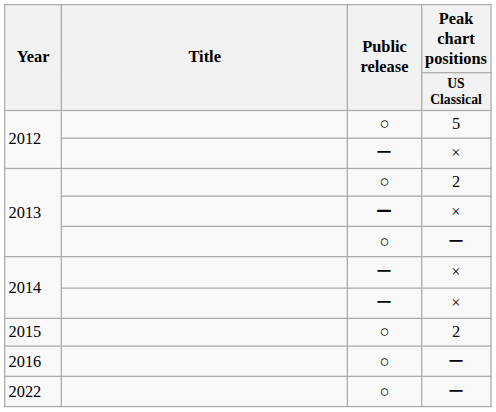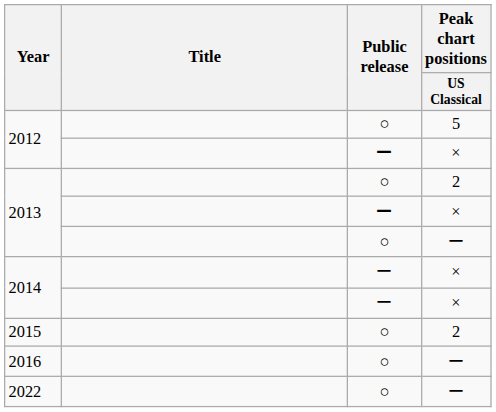 <table class="wikitable" style=font-size:small>
 <tr>
 <th rowspan=2, style="width:3em">Year</th>
 <th rowspan=2, style="width:17em">Title</th>
 <th rowspan=2, style="width:4em">Public release</th>
 <th colspan=1style>Peak chart positions</th>
 </tr>
 <tr style=font-size:smaller;>
 <th width=40>US Classical</th>
 </tr>
 <tr>
 <td rowspan=2>2012</td>
 <td><br></td>
 <td style="text-align:center;">○</td>
 <td style="text-align:center;">5</td>
 </tr>
 <tr>
 <td><br></td>
-<td style="text-align:center;">ー</td>
+<td style="text-align:center;"><strong>ー</strong></td>
 <td style="text-align:center;">×</td>
 </tr>
 <tr>
 <td rowspan=3>2013</td>
 <td><br></td>
 <td style="text-align:center;">○</td>
 <td style="text-align:center;">2</td>
 </tr>
 <tr>
 <td><br></td>
 <td style="text-align:center;"><strong>ー</strong></td>
 <td style="text-align:center;">×</td>
 </tr>
 <tr>
 <td><br></td>
 <td style="text-align:center;">○</td>
 <td style="text-align:center;">ー</td>
 </tr>
 <tr>
 <td rowspan=2>2014</td>
 <td><br></td>
 <td style="text-align:center;">ー</td>
 <td style="text-align:center;">×</td>
 </tr>
 <tr>
 <td><br></td>
 <td style="text-align:center;">ー</td>
 <td style="text-align:center;">×</td>
 </tr>
 <tr>
 <td>2015</td>
 <td><br></td>
 <td style="text-align:center;">○</td>
 <td style="text-align:center;">2</td>
 </tr>
 <tr>
 <td>2016</td>
 <td><br></td>
 <td style="text-align:center;">○</td>
 <td style="text-align:center;">ー</td>
 </tr>
 <tr>
 <td>2022</td>
 <td><br></td>
 <td style="text-align:center;">○</td>
 <td style="text-align:center;">ー</td>
 </tr>
 </table>
